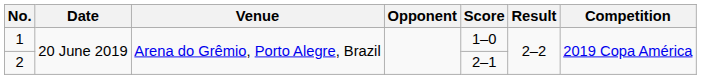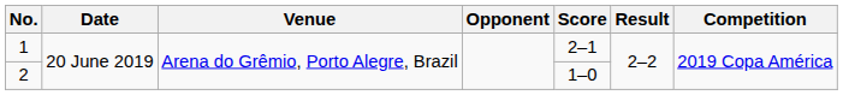 <table class="wikitable sortable">
 <tr>
 <th scope="col">No.</th>
 <th scope="col">Date</th>
 <th scope="col">Venue</th>
 <th scope="col">Opponent</th>
 <th scope="col">Score</th>
 <th scope="col">Result</th>
 <th scope="col">Competition</th>
 </tr>
 <tr>
 <td style="text-align:center">1</td>
 <td rowspan="2">20 June 2019</td>
 <td rowspan="2"><a href='#'>Arena do Grêmio</a>, <a href='#'>Porto Alegre</a>, Brazil</td>
 <td rowspan="2"></td>
-<td style="text-align:center">1–0</td>
+<td style="text-align:center">2–1</td>
 <td rowspan="2" style="text-align:center">2–2</td>
 <td rowspan="2"><a href='#'>2019 Copa América</a></td>
 </tr>
 <tr>
 <td style="text-align:center">2</td>
-<td style="text-align:center">2–1</td>
+<td style="text-align:center">1–0</td>
 </tr>
 </table>
